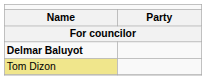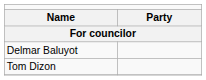 <table class=wikitable style="font-size:90%">
 <tr>
 <td colspan=4 bgcolor=></td>
 </tr>
 <tr>
 <th width=150px>Name</th>
 <th colspan=2 width=110px>Party</th>
 </tr>
 <tr>
 <th colspan=3>For councilor</th>
 </tr>
 <tr>
-<td><strong>Delmar Baluyot</strong></td>
+<td>Delmar Baluyot</td>
 <td></td>
 </tr>
 <tr>
-<td style="background: khaki;">Tom Dizon</td>
+<td>Tom Dizon</td>
 <td></td>
 </tr>
 <tr>
 </tr>
 </table>
